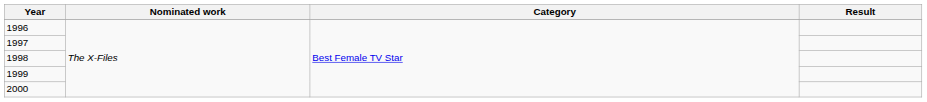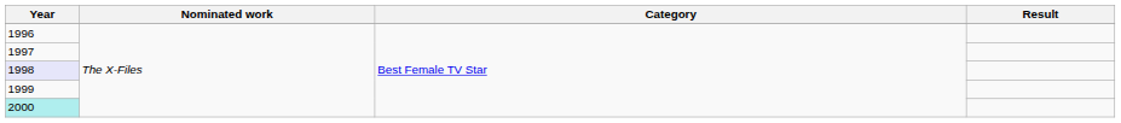 <table style="width:95%;" class="wikitable sortable">
 <tr>
 <th style="width:5%;">Year</th>
 <th style="width:20%;">Nominated work</th>
 <th style="width:40%;">Category</th>
 <th style="width:10%;">Result</th>
 </tr>
 <tr>
 </tr>
 <tr>
 <td>1996</td>
 <td rowspan="5"><em>The X-Files</em></td>
 <td rowspan="5"><a href='#'>Best Female TV Star</a></td>
 <td></td>
 </tr>
 <tr>
 <td>1997</td>
 <td></td>
 </tr>
 <tr>
-<td>1998</td>
+<td style="background: lavender;">1998</td>
 <td></td>
 </tr>
 <tr>
 <td>1999</td>
 <td></td>
 </tr>
 <tr>
-<td>2000</td>
+<td style="background: paleturquoise;">2000</td>
 <td></td>
 </tr>
 </table>
